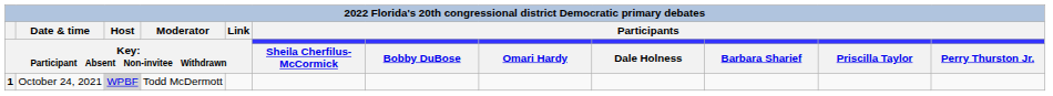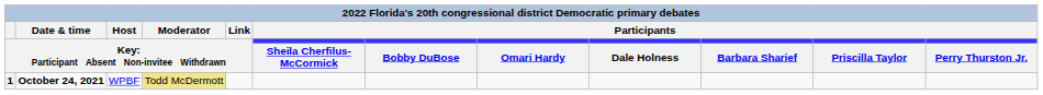 <table class="wikitable">
 <tr>
 <th style="background:#B0C4DE" colspan="16">2022 Florida's 20th congressional district Democratic primary debates</th>
 </tr>
 <tr>
 <th style="white-space:nowrap;"> </th>
 <th>Date & time</th>
 <th>Host</th>
 <th>Moderator</th>
 <th>Link</th>
 <th scope="col" colspan="10">Participants</th>
 </tr>
 <tr>
 <th colspan="5" rowspan="2">Key:<br> <small>Participant  </small>  <small>Absent  </small>  <small>Non-invitee  </small>  <small>Withdrawn</small></th>
 <th scope="col" style="width:10em; background:#33f;"></th>
 <th scope="col" style="width:10em; background:#33f;"></th>
 <th scope="col" style="width:10em; background:#33f;"></th>
 <th scope="col" style="width:10em; background:#33f;"></th>
 <th scope="col" style="width:10em; background:#33f;"></th>
 <th scope="col" style="width:10em; background:#33f;"></th>
 <th scope="col" style="width:10em; background:#33f;"></th>
 </tr>
 <tr>
 <th><a href='#'>Sheila Cherfilus-McCormick</a></th>
 <th><a href='#'>Bobby DuBose</a></th>
 <th><a href='#'>Omari Hardy</a></th>
 <th>Dale Holness</th>
 <th><a href='#'>Barbara Sharief</a></th>
 <th><a href='#'>Priscilla Taylor</a></th>
 <th><a href='#'>Perry Thurston Jr.</a></th>
 </tr>
 <tr>
 <th>1</th>
-<td style="white-space:nowrap; text-align:center;">October 24, 2021</td>
-<td style="background: lightgrey; white-space:nowrap; text-align:center;"><a href='#'>WPBF</a></td>
-<td style="white-space:nowrap; text-align:center;">Todd McDermott</td>
+<td style="white-space:nowrap; text-align:center;"><strong>October 24, 2021</strong></td>
+<td style="white-space:nowrap; text-align:center;"><a href='#'>WPBF</a></td>
+<td style="background: khaki; white-space:nowrap; text-align:center;">Todd McDermott</td>
 <td style="white-space:nowrap; text-align:center;"></td>
 <td></td>
 <td></td>
 <td></td>
 <td></td>
 <td></td>
 <td></td>
 <td></td>
 </tr>
 </table>
